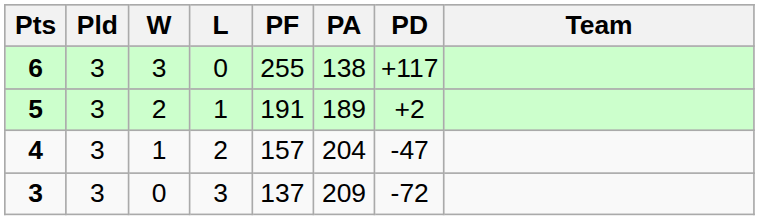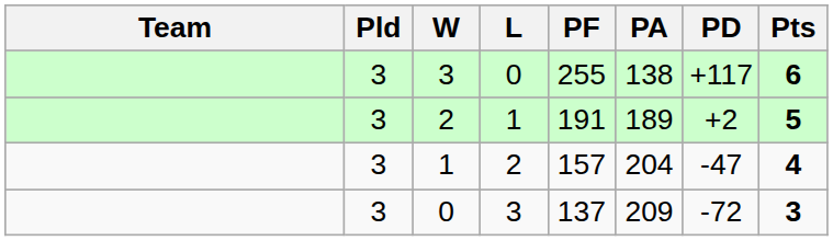 <table class=wikitable style="text-align:center">
 <tr>
-<th width=30>Pts</th>
+<th width=180>Team</th>
 <th width=30>Pld</th>
 <th width=30>W</th>
 <th width=30>L</th>
 <th width=30>PF</th>
 <th width=30>PA</th>
 <th width=30>PD</th>
-<th width=180>Team</th>
+<th width=30>Pts</th>
 </tr>
 <tr align=center bgcolor="#ccffcc">
-<td><strong>6</strong></td>
+<td align=left></td>
 <td>3</td>
 <td>3</td>
 <td>0</td>
 <td>255</td>
 <td>138</td>
 <td>+117</td>
-<td align=left></td>
+<td><strong>6</strong></td>
 </tr>
 <tr align=center bgcolor="#ccffcc">
-<td><strong>5</strong></td>
+<td align=left></td>
 <td>3</td>
 <td>2</td>
 <td>1</td>
 <td>191</td>
 <td>189</td>
 <td>+2</td>
-<td align=left></td>
+<td><strong>5</strong></td>
 </tr>
 <tr align=center bgcolor=>
-<td><strong>4</strong></td>
+<td align=left></td>
 <td>3</td>
 <td>1</td>
 <td>2</td>
 <td>157</td>
 <td>204</td>
 <td>-47</td>
-<td align=left></td>
+<td><strong>4</strong></td>
 </tr>
 <tr align=center bgcolor=>
-<td><strong>3</strong></td>
+<td align=left></td>
 <td>3</td>
 <td>0</td>
 <td>3</td>
 <td>137</td>
 <td>209</td>
 <td>-72</td>
-<td align=left></td>
+<td><strong>3</strong></td>
 </tr>
 </table>
